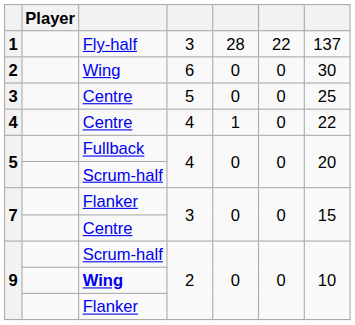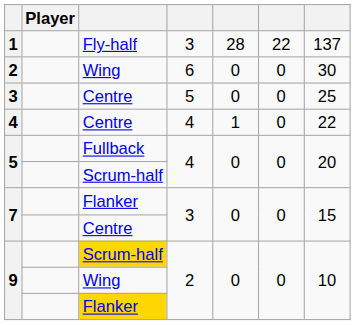 <table class="wikitable" style="font-size:95%;">
 <tr>
 <th></th>
 <th>Player</th>
 <th></th>
 <th width=35></th>
 <th width=35></th>
 <th width=35></th>
 <th width=35></th>
 </tr>
 <tr>
 <th align=center>1</th>
 <td align=left> </td>
 <td align=left><a href='#'>Fly-half</a></td>
 <td align=center>3</td>
 <td align=center>28</td>
 <td align=center>22</td>
 <td align=center>137</td>
 </tr>
 <tr>
 <th align=center>2</th>
 <td align=left> </td>
 <td align=left><a href='#'>Wing</a></td>
 <td align=center>6</td>
 <td align=center>0</td>
 <td align=center>0</td>
 <td align=center>30</td>
 </tr>
 <tr>
 <th align=center>3</th>
 <td align=left> </td>
 <td align=left><a href='#'>Centre</a></td>
 <td align=center>5</td>
 <td align=center>0</td>
 <td align=center>0</td>
 <td align=center>25</td>
 </tr>
 <tr>
 <th align=center>4</th>
 <td align=left> </td>
 <td align=left><a href='#'>Centre</a></td>
 <td align=center>4</td>
 <td align=center>1</td>
 <td align=center>0</td>
 <td align=center>22</td>
 </tr>
 <tr>
 <th align=center rowspan=2>5</th>
 <td align=left> </td>
 <td align=left><a href='#'>Fullback</a></td>
 <td align=center rowspan=2>4</td>
 <td align=center rowspan=2>0</td>
 <td align=center rowspan=2>0</td>
 <td align=center rowspan=2>20</td>
 </tr>
 <tr>
 <td align=left> </td>
 <td align=left><a href='#'>Scrum-half</a></td>
 </tr>
 <tr>
 <th align=center rowspan=2>7</th>
 <td align=left> </td>
 <td align=left><a href='#'>Flanker</a></td>
 <td align=center rowspan=2>3</td>
 <td align=center rowspan=2>0</td>
 <td align=center rowspan=2>0</td>
 <td align=center rowspan=2>15</td>
 </tr>
 <tr>
 <td align=left> </td>
 <td align=left><a href='#'>Centre</a></td>
 </tr>
 <tr>
 <th align=center rowspan=3>9</th>
 <td align=left> </td>
-<td align=left><a href='#'>Scrum-half</a></td>
+<td align=left style="background: gold;"><a href='#'>Scrum-half</a></td>
 <td align=center rowspan=3>2</td>
 <td align=center rowspan=3>0</td>
 <td align=center rowspan=3>0</td>
 <td align=center rowspan=3>10</td>
 </tr>
 <tr>
 <td align=left> </td>
-<td align=left><strong><a href='#'>Wing</a></strong></td>
+<td align=left><a href='#'>Wing</a></td>
 </tr>
 <tr>
 <td align=left> </td>
-<td align=left><a href='#'>Flanker</a></td>
+<td align=left style="background: gold;"><a href='#'>Flanker</a></td>
 </tr>
 </table>
